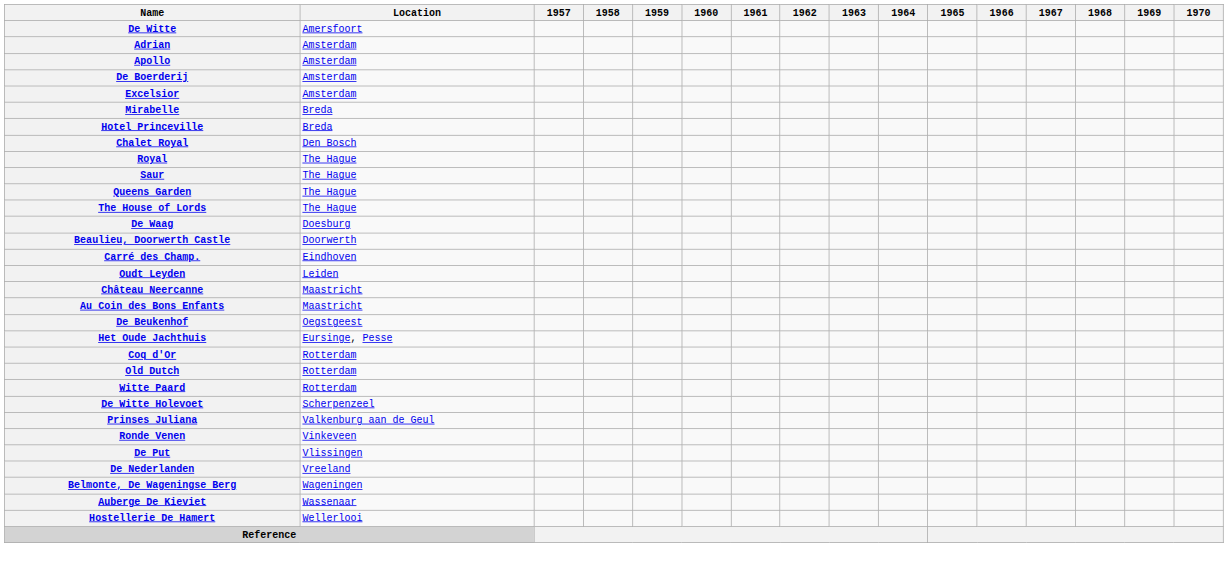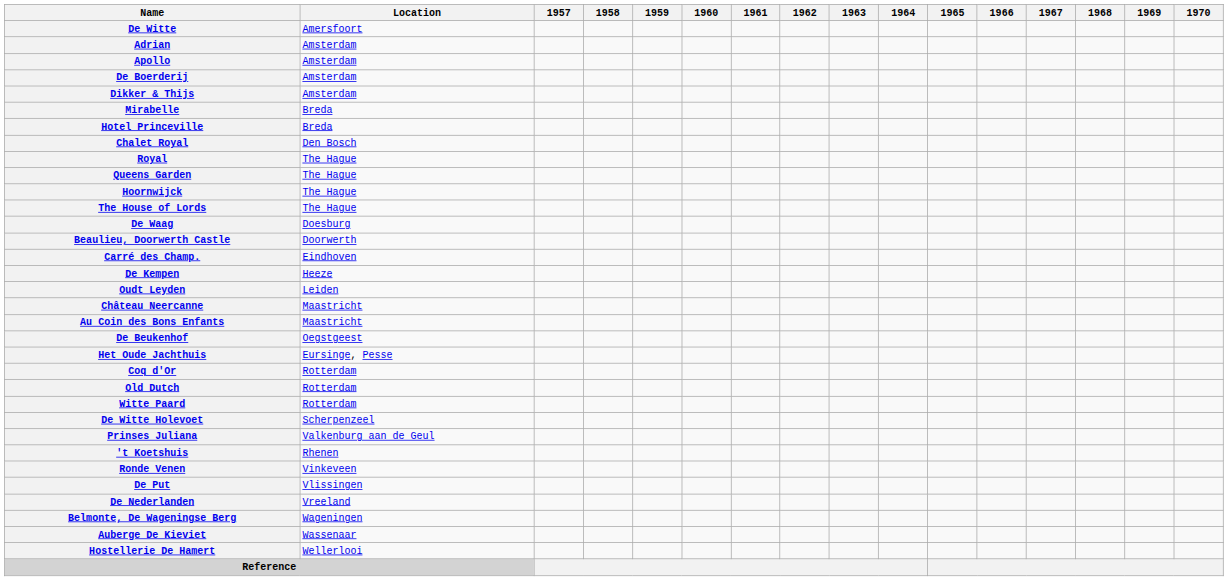 <table class="wikitable sortable plainrowheaders" width="100%">
 <tr>
 <th scope="col">Name</th>
 <th scope="col">Location</th>
 <th scope="col">1957</th>
 <th scope="col">1958</th>
 <th scope="col">1959</th>
 <th scope="col">1960</th>
 <th scope="col">1961</th>
 <th scope="col">1962</th>
 <th scope="col">1963</th>
 <th scope="col">1964</th>
 <th scope="col">1965</th>
 <th scope="col">1966</th>
 <th scope="col">1967</th>
 <th scope="col">1968</th>
 <th scope="col">1969</th>
 <th scope="col">1970</th>
 </tr>
 <tr>
 <th scope="row"><a href='#'>De Witte</a></th>
 <td><a href='#'>Amersfoort</a></td>
 <td></td>
 <td></td>
 <td></td>
 <td></td>
 <td></td>
 <td></td>
 <td></td>
 <td></td>
 <td></td>
 <td></td>
 <td></td>
 <td></td>
 <td></td>
 <td></td>
 </tr>
 <tr>
 <th scope="row"><a href='#'>Adrian</a></th>
 <td><a href='#'>Amsterdam</a></td>
 <td></td>
 <td></td>
 <td></td>
 <td></td>
 <td></td>
 <td></td>
 <td></td>
 <td></td>
 <td></td>
 <td></td>
 <td></td>
 <td></td>
 <td></td>
 <td></td>
 </tr>
 <tr>
 <th scope="row"><a href='#'>Apollo</a></th>
 <td><a href='#'>Amsterdam</a></td>
 <td></td>
 <td></td>
 <td></td>
 <td></td>
 <td></td>
 <td></td>
 <td></td>
 <td></td>
 <td></td>
 <td></td>
 <td></td>
 <td></td>
 <td></td>
 <td></td>
 </tr>
 <tr>
 <th scope="row"><a href='#'>De Boerderij</a></th>
 <td><a href='#'>Amsterdam</a></td>
 <td></td>
 <td></td>
 <td></td>
 <td></td>
 <td></td>
 <td></td>
 <td></td>
 <td></td>
 <td></td>
 <td></td>
 <td></td>
 <td></td>
 <td></td>
 <td></td>
 </tr>
 <tr>
-<th scope="row"><a href='#'>Excelsior</a></th>
+<th scope="row"><a href='#'>Dikker & Thijs</a></th>
 <td><a href='#'>Amsterdam</a></td>
 <td></td>
 <td></td>
 <td></td>
 <td></td>
 <td></td>
 <td></td>
 <td></td>
 <td></td>
 <td></td>
 <td></td>
 <td></td>
 <td></td>
 <td></td>
 <td></td>
 </tr>
 <tr>
 <th scope="row"><a href='#'>Mirabelle</a></th>
 <td><a href='#'>Breda</a></td>
 <td></td>
 <td></td>
 <td></td>
 <td></td>
 <td></td>
 <td></td>
 <td></td>
 <td></td>
 <td></td>
 <td></td>
 <td></td>
 <td></td>
 <td></td>
 <td></td>
 </tr>
 <tr>
 <th scope="row"><a href='#'>Hotel Princeville</a></th>
 <td><a href='#'>Breda</a></td>
 <td></td>
 <td></td>
 <td></td>
 <td></td>
 <td></td>
 <td></td>
 <td></td>
 <td></td>
 <td></td>
 <td></td>
 <td></td>
 <td></td>
 <td></td>
 <td></td>
 </tr>
 <tr>
 <th scope="row"><a href='#'>Chalet Royal</a></th>
 <td><a href='#'>Den Bosch</a></td>
 <td></td>
 <td></td>
 <td></td>
 <td></td>
 <td></td>
 <td></td>
 <td></td>
 <td></td>
 <td></td>
 <td></td>
 <td></td>
 <td></td>
 <td></td>
 <td></td>
 </tr>
 <tr>
 <th scope="row"><a href='#'>Royal</a></th>
 <td><a href='#'>The Hague</a></td>
 <td></td>
 <td></td>
 <td></td>
 <td></td>
 <td></td>
 <td></td>
 <td></td>
 <td></td>
 <td></td>
 <td></td>
 <td></td>
 <td></td>
 <td></td>
 <td></td>
 </tr>
 <tr>
-<th scope="row"><a href='#'>Saur</a></th>
+<th scope="row"><a href='#'>Queens Garden</a></th>
 <td><a href='#'>The Hague</a></td>
 <td></td>
 <td></td>
 <td></td>
 <td></td>
 <td></td>
 <td></td>
 <td></td>
 <td></td>
 <td></td>
 <td></td>
 <td></td>
 <td></td>
 <td></td>
 <td></td>
 </tr>
 <tr>
-<th scope="row"><a href='#'>Queens Garden</a></th>
+<th scope="row"><a href='#'>Hoornwijck</a></th>
 <td><a href='#'>The Hague</a></td>
 <td></td>
 <td></td>
 <td></td>
 <td></td>
 <td></td>
 <td></td>
 <td></td>
 <td></td>
 <td></td>
 <td></td>
 <td></td>
 <td></td>
 <td></td>
 <td></td>
 </tr>
 <tr>
 <th scope="row"><a href='#'>The House of Lords</a></th>
 <td><a href='#'>The Hague</a></td>
 <td></td>
 <td></td>
 <td></td>
 <td></td>
 <td></td>
 <td></td>
 <td></td>
 <td></td>
 <td></td>
 <td></td>
 <td></td>
 <td></td>
 <td></td>
 <td></td>
 </tr>
 <tr>
 <th scope="row"><a href='#'>De Waag</a></th>
 <td><a href='#'>Doesburg</a></td>
 <td></td>
 <td></td>
 <td></td>
 <td></td>
 <td></td>
 <td></td>
 <td></td>
 <td></td>
 <td></td>
 <td></td>
 <td></td>
 <td></td>
 <td></td>
 <td></td>
 </tr>
 <tr>
 <th scope="row"><a href='#'>Beaulieu, Doorwerth Castle</a></th>
 <td><a href='#'>Doorwerth</a></td>
 <td></td>
 <td></td>
 <td></td>
 <td></td>
 <td></td>
 <td></td>
 <td></td>
 <td></td>
 <td></td>
 <td></td>
 <td></td>
 <td></td>
 <td></td>
 <td></td>
 </tr>
 <tr>
 <th scope="row"><a href='#'>Carré des Champ.</a></th>
 <td><a href='#'>Eindhoven</a></td>
+<td></td>
+<td></td>
+<td></td>
+<td></td>
+<td></td>
+<td></td>
+<td></td>
+<td></td>
+<td></td>
+<td></td>
+<td></td>
+<td></td>
+<td></td>
+<td></td>
+</tr>
+<tr>
+<th scope="row"><a href='#'>De Kempen</a></th>
+<td><a href='#'>Heeze</a></td>
 <td></td>
 <td></td>
 <td></td>
 <td></td>
 <td></td>
 <td></td>
 <td></td>
 <td></td>
 <td></td>
 <td></td>
 <td></td>
 <td></td>
 <td></td>
 <td></td>
 </tr>
 <tr>
 <th scope="row"><a href='#'>Oudt Leyden</a></th>
 <td><a href='#'>Leiden</a></td>
 <td></td>
 <td></td>
 <td></td>
 <td></td>
 <td></td>
 <td></td>
 <td></td>
 <td></td>
 <td></td>
 <td></td>
 <td></td>
 <td></td>
 <td></td>
 <td></td>
 </tr>
 <tr>
 <th scope="row"><a href='#'>Château Neercanne</a></th>
 <td><a href='#'>Maastricht</a></td>
 <td></td>
 <td></td>
 <td></td>
 <td></td>
 <td></td>
 <td></td>
 <td></td>
 <td></td>
 <td></td>
 <td></td>
 <td></td>
 <td></td>
 <td></td>
 <td></td>
 </tr>
 <tr>
 <th scope="row"><a href='#'>Au Coin des Bons Enfants</a></th>
 <td><a href='#'>Maastricht</a></td>
 <td></td>
 <td></td>
 <td></td>
 <td></td>
 <td></td>
 <td></td>
 <td></td>
 <td></td>
 <td></td>
 <td></td>
 <td></td>
 <td></td>
 <td></td>
 <td></td>
 </tr>
 <tr>
 <th scope="row"><a href='#'>De Beukenhof</a></th>
 <td><a href='#'>Oegstgeest</a></td>
 <td></td>
 <td></td>
 <td></td>
 <td></td>
 <td></td>
 <td></td>
 <td></td>
 <td></td>
 <td></td>
 <td></td>
 <td></td>
 <td></td>
 <td></td>
 <td></td>
 </tr>
 <tr>
 <th scope="row"><a href='#'>Het Oude Jachthuis</a></th>
 <td><a href='#'>Eursinge</a>, <a href='#'>Pesse</a></td>
 <td></td>
 <td></td>
 <td></td>
 <td></td>
 <td></td>
 <td></td>
 <td></td>
 <td></td>
 <td></td>
 <td></td>
 <td></td>
 <td></td>
 <td></td>
 <td></td>
 </tr>
 <tr>
 <th scope="row"><a href='#'>Coq d'Or</a></th>
 <td><a href='#'>Rotterdam</a></td>
 <td></td>
 <td></td>
 <td></td>
 <td></td>
 <td></td>
 <td></td>
 <td></td>
 <td></td>
 <td></td>
 <td></td>
 <td></td>
 <td></td>
 <td></td>
 <td></td>
 </tr>
 <tr>
 <th scope="row"><a href='#'>Old Dutch</a></th>
 <td><a href='#'>Rotterdam</a></td>
 <td></td>
 <td></td>
 <td></td>
 <td></td>
 <td></td>
 <td></td>
 <td></td>
 <td></td>
 <td></td>
 <td></td>
 <td></td>
 <td></td>
 <td></td>
 <td></td>
 </tr>
 <tr>
 <th scope="row"><a href='#'>Witte Paard</a></th>
 <td><a href='#'>Rotterdam</a></td>
 <td></td>
 <td></td>
 <td></td>
 <td></td>
 <td></td>
 <td></td>
 <td></td>
 <td></td>
 <td></td>
 <td></td>
 <td></td>
 <td></td>
 <td></td>
 <td></td>
 </tr>
 <tr>
 <th scope="row"><a href='#'>De Witte Holevoet</a></th>
 <td><a href='#'>Scherpenzeel</a></td>
 <td></td>
 <td></td>
 <td></td>
 <td></td>
 <td></td>
 <td></td>
 <td></td>
 <td></td>
 <td></td>
 <td></td>
 <td></td>
 <td></td>
 <td></td>
 <td></td>
 </tr>
 <tr>
 <th scope="row"><a href='#'>Prinses Juliana</a></th>
 <td><a href='#'>Valkenburg aan de Geul</a></td>
 <td></td>
 <td></td>
 <td></td>
 <td></td>
 <td></td>
 <td></td>
 <td></td>
 <td></td>
 <td></td>
 <td></td>
 <td></td>
 <td></td>
 <td></td>
 <td></td>
 </tr>
 <tr>
+<th scope="row"><a href='#'>'t Koetshuis</a></th>
+<td><a href='#'>Rhenen</a></td>
+<td></td>
+<td></td>
+<td></td>
+<td></td>
+<td></td>
+<td></td>
+<td></td>
+<td></td>
+<td></td>
+<td></td>
+<td></td>
+<td></td>
+<td></td>
+<td></td>
+</tr>
+<tr>
 <th scope="row"><a href='#'>Ronde Venen</a></th>
 <td><a href='#'>Vinkeveen</a></td>
 <td></td>
 <td></td>
 <td></td>
 <td></td>
 <td></td>
 <td></td>
 <td></td>
 <td></td>
 <td></td>
 <td></td>
 <td></td>
 <td></td>
 <td></td>
 <td></td>
 </tr>
 <tr>
 <th scope="row"><a href='#'>De Put</a></th>
 <td><a href='#'>Vlissingen</a></td>
 <td></td>
 <td></td>
 <td></td>
 <td></td>
 <td></td>
 <td></td>
 <td></td>
 <td></td>
 <td></td>
 <td></td>
 <td></td>
 <td></td>
 <td></td>
 <td></td>
 </tr>
 <tr>
 <th scope="row"><a href='#'>De Nederlanden</a></th>
 <td><a href='#'>Vreeland</a></td>
 <td></td>
 <td></td>
 <td></td>
 <td></td>
 <td></td>
 <td></td>
 <td></td>
 <td></td>
 <td></td>
 <td></td>
 <td></td>
 <td></td>
 <td></td>
 <td></td>
 </tr>
 <tr>
 <th scope="row"><a href='#'>Belmonte, De Wageningse Berg</a></th>
 <td><a href='#'>Wageningen</a></td>
 <td></td>
 <td></td>
 <td></td>
 <td></td>
 <td></td>
 <td></td>
 <td></td>
 <td></td>
 <td></td>
 <td></td>
 <td></td>
 <td></td>
 <td></td>
 <td></td>
 </tr>
 <tr>
 <th scope="row"><a href='#'>Auberge De Kieviet</a></th>
 <td><a href='#'>Wassenaar</a></td>
 <td></td>
 <td></td>
 <td></td>
 <td></td>
 <td></td>
 <td></td>
 <td></td>
 <td></td>
 <td></td>
 <td></td>
 <td></td>
 <td></td>
 <td></td>
 <td></td>
 </tr>
 <tr>
 <th scope="row"><a href='#'>Hostellerie De Hamert</a></th>
 <td><a href='#'>Wellerlooi</a></td>
 <td></td>
 <td></td>
 <td></td>
 <td></td>
 <td></td>
 <td></td>
 <td></td>
 <td></td>
 <td></td>
 <td></td>
 <td></td>
 <td></td>
 <td></td>
 <td></td>
 </tr>
 <tr>
 <th colspan="2" style="text-align: center;background: lightgray;">Reference</th>
 <th colspan="8"></th>
 <th colspan="6"></th>
 </tr>
 </table>
